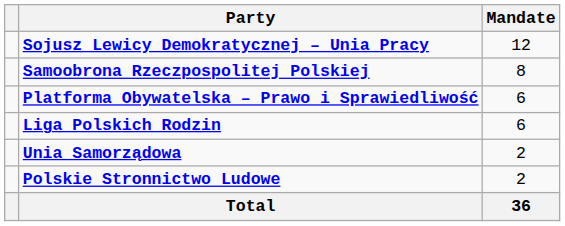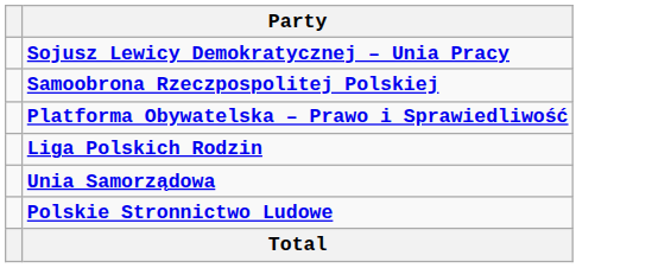 <table class="wikitable">
 <tr>
 <th width=5></th>
 <th>Party</th>
-<th>Mandate</th>
 </tr>
 <tr>
 <td style="background:"></td>
 <td><strong><a href='#'>Sojusz Lewicy Demokratycznej – Unia Pracy</a></strong></td>
-<td align="center">12</td>
 </tr>
 <tr>
 <td style="background:"></td>
 <td><strong><a href='#'>Samoobrona Rzeczpospolitej Polskiej</a></strong></td>
-<td align="center">8</td>
 </tr>
 <tr>
 <td style="background:"></td>
 <td><strong><a href='#'>Platforma Obywatelska – Prawo i Sprawiedliwość</a></strong></td>
-<td align="center">6</td>
 </tr>
 <tr>
 <td style="background:"></td>
 <td><strong><a href='#'>Liga Polskich Rodzin</a></strong></td>
-<td align="center">6</td>
 </tr>
 <tr>
 <td style="background:"></td>
 <td><strong><a href='#'>Unia Samorządowa</a></strong></td>
-<td align="center">2</td>
 </tr>
 <tr>
 <td style="background:"></td>
 <td><strong><a href='#'>Polskie Stronnictwo Ludowe</a></strong></td>
-<td align="center">2</td>
 </tr>
 <tr bgcolor="#ececec">
 <th></th>
 <th>Total</th>
-<th align="center">36</th>
 </tr>
 </table>
